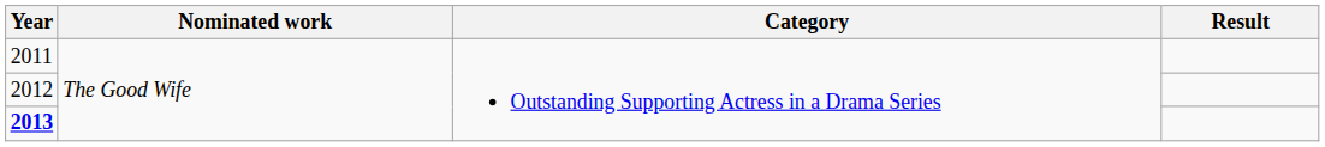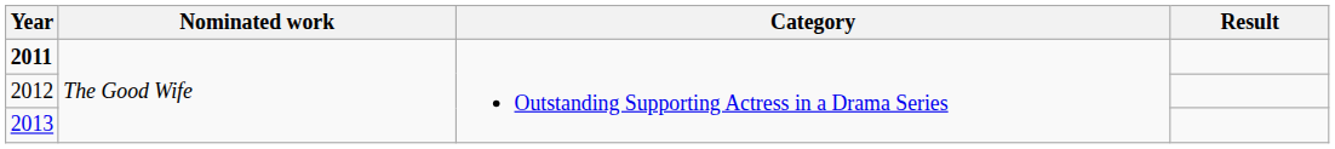 <table class=wikitable>
 <tr>
 <th width=4%>Year</th>
 <th width=30%>Nominated work</th>
 <th width=54%>Category</th>
 <th width=12%>Result</th>
 </tr>
 <tr>
-<td>2011</td>
+<td><strong>2011</strong></td>
 <td rowspan=3><em>The Good Wife</em></td>
 <td rowspan=3><br><ul><li><a href='#'>Outstanding Supporting Actress in a Drama Series</a></li></ul></td>
 <td></td>
 </tr>
 <tr>
 <td>2012</td>
 <td></td>
 </tr>
 <tr>
-<td><strong><a href='#'>2013</a></strong></td>
+<td><a href='#'>2013</a></td>
 <td></td>
 </tr>
 </table>
